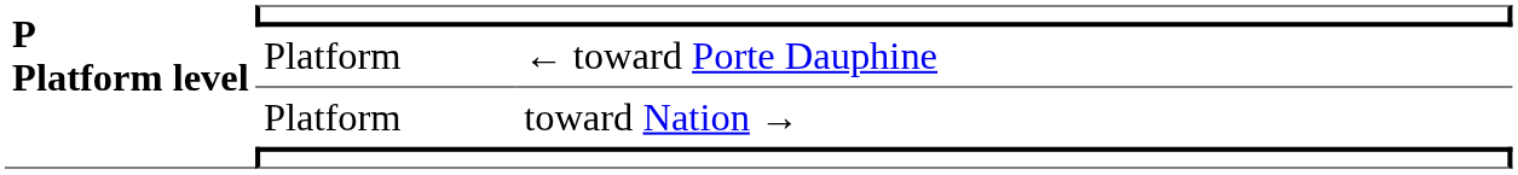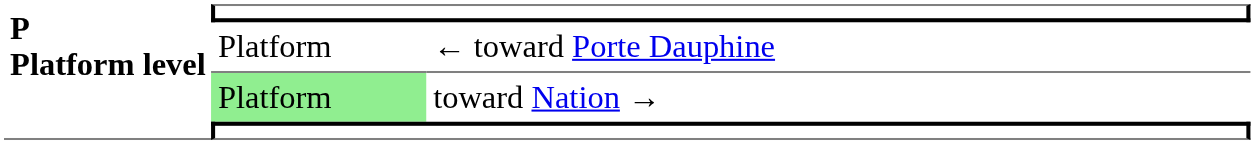 <table border=0 cellspacing=0 cellpadding=3>
 <tr>
 <td style="border-bottom:solid 1px gray;" rowspan=5 valign=top><strong>P<br>Platform level</strong></td>
 <td style="border-top:solid 1px gray;border-right:solid 2px black;border-left:solid 2px black;border-bottom:solid 2px black;text-align:center;" colspan=2></td>
 </tr>
 <tr>
 <td style="border-bottom:solid 1px gray;" width=100>Platform </td>
 <td style="border-bottom:solid 1px gray;" width=400>←   toward <a href='#'>Porte Dauphine</a> </td>
 </tr>
 <tr>
-<td>Platform </td>
+<td style="background: lightgreen;">Platform </td>
 <td>   toward <a href='#'>Nation</a>  →</td>
 </tr>
 <tr>
 <td style="border-top:solid 2px black;border-right:solid 2px black;border-left:solid 2px black;border-bottom:solid 1px gray;text-align:center;" colspan=2></td>
 </tr>
 </table>
